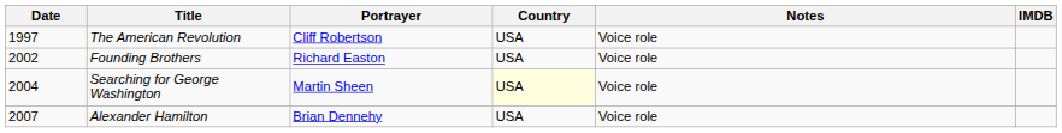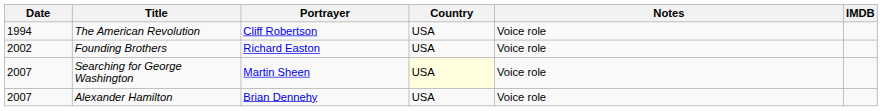 <table class="wikitable sortable">
 <tr>
 <th width="8%">Date</th>
 <th width="20%">Title</th>
 <th width="20%">Portrayer</th>
 <th width="10%">Country</th>
 <th width="53%">Notes</th>
 <th width="5%">IMDB</th>
 </tr>
 <tr valign="top">
-<td>1997</td>
+<td>1994</td>
 <td><em>The American Revolution</em></td>
 <td><a href='#'>Cliff Robertson</a></td>
 <td>USA</td>
 <td>Voice role</td>
 <td></td>
 </tr>
 <tr>
 <td>2002</td>
 <td><em>Founding Brothers</em></td>
 <td><a href='#'>Richard Easton</a></td>
 <td>USA</td>
 <td>Voice role</td>
 <td></td>
 </tr>
 <tr>
-<td>2004</td>
+<td>2007</td>
 <td><em>Searching for George Washington</em></td>
 <td><a href='#'>Martin Sheen</a></td>
 <td style="background: lightyellow;">USA</td>
 <td>Voice role</td>
 <td></td>
 </tr>
 <tr>
 <td>2007</td>
 <td><em>Alexander Hamilton</em></td>
 <td><a href='#'>Brian Dennehy</a></td>
 <td>USA</td>
 <td>Voice role</td>
 <td></td>
 </tr>
 </table>
